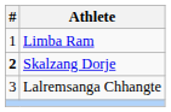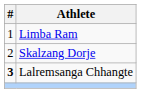 <table class="wikitable">
 <tr>
 <th>#</th>
 <th>Athlete</th>
 </tr>
 <tr>
 <td>1</td>
 <td><a href='#'>Limba Ram</a></td>
 </tr>
 <tr>
-<td><strong>2</strong></td>
+<td>2</td>
 <td><a href='#'>Skalzang Dorje</a></td>
 </tr>
 <tr>
-<td>3</td>
+<td><strong>3</strong></td>
 <td>Lalremsanga Chhangte</td>
 </tr>
 <tr ---->
 <td colspan="9" bgcolor="#B0D3FB" align="left" bgcolor="#DFEDFD"></td>
 </tr>
 </table>
